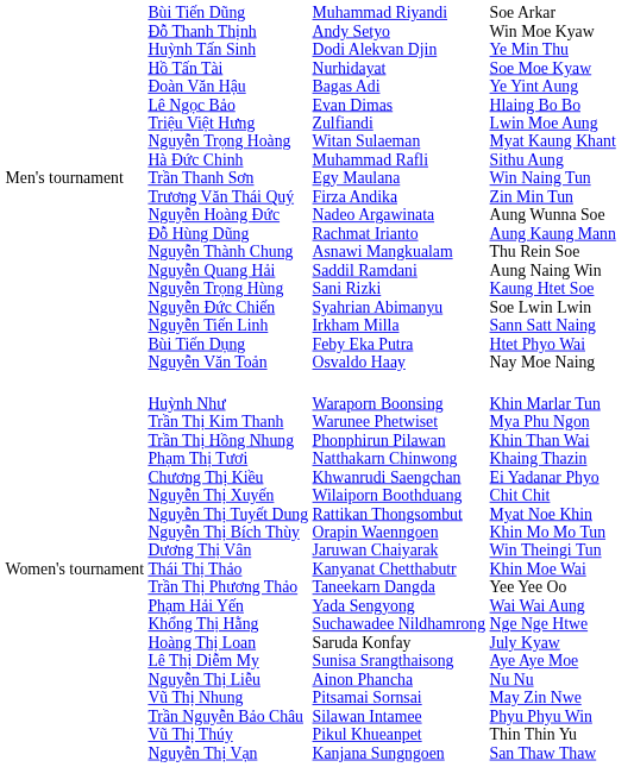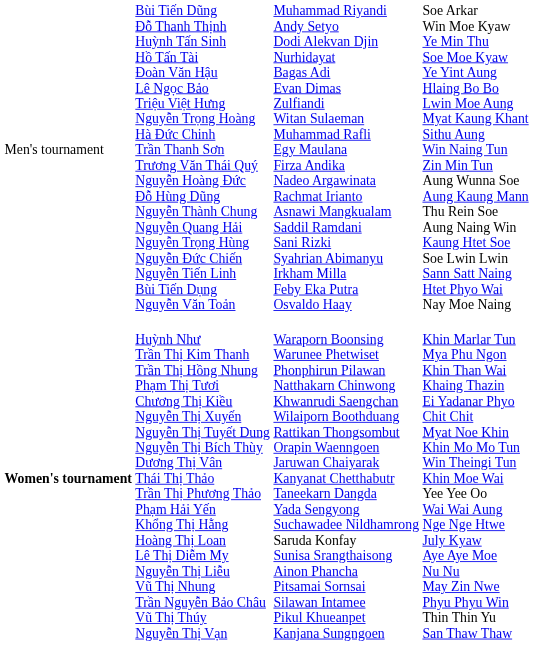 <table>
 <tr>
 <td>Men's tournament<br></td>
 <td><br><a href='#'>Bùi Tiến Dũng</a><br><a href='#'>Đỗ Thanh Thịnh</a><br><a href='#'>Huỳnh Tấn Sinh</a><br><a href='#'>Hồ Tấn Tài</a><br><a href='#'>Đoàn Văn Hậu</a><br><a href='#'>Lê Ngọc Bảo</a><br><a href='#'>Triệu Việt Hưng</a><br><a href='#'>Nguyễn Trọng Hoàng</a><br><a href='#'>Hà Đức Chinh</a><br><a href='#'>Trần Thanh Sơn</a><br><a href='#'>Trương Văn Thái Quý</a><br><a href='#'>Nguyễn Hoàng Đức</a><br><a href='#'>Đỗ Hùng Dũng</a><br><a href='#'>Nguyễn Thành Chung</a><br><a href='#'>Nguyễn Quang Hải</a><br><a href='#'>Nguyễn Trọng Hùng</a><br><a href='#'>Nguyễn Đức Chiến</a><br><a href='#'>Nguyễn Tiến Linh</a><br><a href='#'>Bùi Tiến Dụng</a><br><a href='#'>Nguyễn Văn Toản</a></td>
 <td><br><a href='#'>Muhammad Riyandi</a><br><a href='#'>Andy Setyo</a><br><a href='#'>Dodi Alekvan Djin</a><br><a href='#'>Nurhidayat</a><br><a href='#'>Bagas Adi</a><br><a href='#'>Evan Dimas</a><br><a href='#'>Zulfiandi</a><br><a href='#'>Witan Sulaeman</a><br><a href='#'>Muhammad Rafli</a><br><a href='#'>Egy Maulana</a><br><a href='#'>Firza Andika</a><br><a href='#'>Nadeo Argawinata</a><br><a href='#'>Rachmat Irianto</a><br><a href='#'>Asnawi Mangkualam</a><br><a href='#'>Saddil Ramdani</a><br><a href='#'>Sani Rizki</a><br><a href='#'>Syahrian Abimanyu</a><br><a href='#'>Irkham Milla</a><br><a href='#'>Feby Eka Putra</a><br><a href='#'>Osvaldo Haay</a></td>
 <td><br>Soe Arkar<br>Win Moe Kyaw<br><a href='#'>Ye Min Thu</a><br><a href='#'>Soe Moe Kyaw</a><br><a href='#'>Ye Yint Aung</a><br><a href='#'>Hlaing Bo Bo</a><br><a href='#'>Lwin Moe Aung</a><br><a href='#'>Myat Kaung Khant</a><br><a href='#'>Sithu Aung</a><br><a href='#'>Win Naing Tun</a><br><a href='#'>Zin Min Tun</a><br>Aung Wunna Soe<br><a href='#'>Aung Kaung Mann</a><br>Thu Rein Soe<br>Aung Naing Win<br><a href='#'>Kaung Htet Soe</a><br>Soe Lwin Lwin<br><a href='#'>Sann Satt Naing</a><br><a href='#'>Htet Phyo Wai</a><br>Nay Moe Naing</td>
 </tr>
 <tr>
-<td>Women's tournament<br></td>
+<td><strong>Women's tournament<br></strong></td>
 <td><br><a href='#'>Huỳnh Như</a><br><a href='#'>Trần Thị Kim Thanh</a><br><a href='#'>Trần Thị Hồng Nhung</a><br><a href='#'>Phạm Thị Tươi</a><br><a href='#'>Chương Thị Kiều</a><br><a href='#'>Nguyễn Thị Xuyến</a><br><a href='#'>Nguyễn Thị Tuyết Dung</a><br><a href='#'>Nguyễn Thị Bích Thùy</a><br><a href='#'>Dương Thị Vân</a><br><a href='#'>Thái Thị Thảo</a><br><a href='#'>Trần Thị Phương Thảo</a><br><a href='#'>Phạm Hải Yến</a><br><a href='#'>Khổng Thị Hằng</a><br><a href='#'>Hoàng Thị Loan</a><br><a href='#'>Lê Thị Diễm My</a><br><a href='#'>Nguyễn Thị Liễu</a><br><a href='#'>Vũ Thị Nhung</a><br><a href='#'>Trần Nguyễn Bảo Châu</a><br><a href='#'>Vũ Thị Thúy</a><br><a href='#'>Nguyễn Thị Vạn</a></td>
 <td><br><a href='#'>Waraporn Boonsing</a><br><a href='#'>Warunee Phetwiset</a><br><a href='#'>Phonphirun Pilawan</a><br><a href='#'>Natthakarn Chinwong</a><br><a href='#'>Khwanrudi Saengchan</a><br><a href='#'>Wilaiporn Boothduang</a><br><a href='#'>Rattikan Thongsombut</a><br><a href='#'>Orapin Waenngoen</a><br><a href='#'>Jaruwan Chaiyarak</a><br><a href='#'>Kanyanat Chetthabutr</a><br><a href='#'>Taneekarn Dangda</a><br><a href='#'>Yada Sengyong</a><br><a href='#'>Suchawadee Nildhamrong</a><br>Saruda Konfay<br><a href='#'>Sunisa Srangthaisong</a><br><a href='#'>Ainon Phancha</a><br><a href='#'>Pitsamai Sornsai</a><br><a href='#'>Silawan Intamee</a><br><a href='#'>Pikul Khueanpet</a><br><a href='#'>Kanjana Sungngoen</a></td>
 <td><br><a href='#'>Khin Marlar Tun</a><br><a href='#'>Mya Phu Ngon</a><br><a href='#'>Khin Than Wai</a><br><a href='#'>Khaing Thazin</a><br><a href='#'>Ei Yadanar Phyo</a><br><a href='#'>Chit Chit</a><br><a href='#'>Myat Noe Khin</a><br><a href='#'>Khin Mo Mo Tun</a><br><a href='#'>Win Theingi Tun</a><br><a href='#'>Khin Moe Wai</a><br>Yee Yee Oo<br><a href='#'>Wai Wai Aung</a><br><a href='#'>Nge Nge Htwe</a><br><a href='#'>July Kyaw</a><br><a href='#'>Aye Aye Moe</a><br><a href='#'>Nu Nu</a><br><a href='#'>May Zin Nwe</a><br><a href='#'>Phyu Phyu Win</a><br>Thin Thin Yu<br><a href='#'>San Thaw Thaw</a></td>
 </tr>
 </table>
